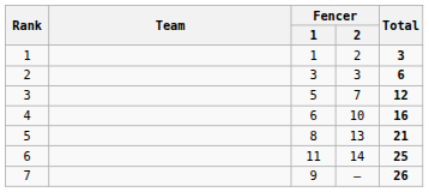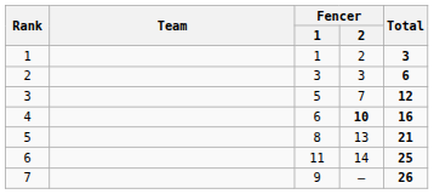 <table class=wikitable style="text-align:center">
 <tr>
 <th rowspan=2 width=40>Rank</th>
 <th rowspan=2 width=250>Team</th>
 <th colspan=2>Fencer</th>
 <th rowspan=2 width=40>Total</th>
 </tr>
 <tr>
 <th width=40>1</th>
 <th width=40>2</th>
 </tr>
 <tr>
 <td>1</td>
 <td align=left></td>
 <td>1</td>
 <td>2</td>
 <td><strong>3</strong></td>
 </tr>
 <tr>
 <td>2</td>
 <td align=left></td>
 <td>3</td>
 <td>3</td>
 <td><strong>6</strong></td>
 </tr>
 <tr>
 <td>3</td>
 <td align=left></td>
 <td>5</td>
 <td>7</td>
 <td><strong>12</strong></td>
 </tr>
 <tr>
 <td>4</td>
 <td align=left></td>
 <td>6</td>
-<td>10</td>
+<td><strong>10</strong></td>
 <td><strong>16</strong></td>
 </tr>
 <tr>
 <td>5</td>
 <td align=left></td>
 <td>8</td>
 <td>13</td>
 <td><strong>21</strong></td>
 </tr>
 <tr>
 <td>6</td>
 <td align=left></td>
 <td>11</td>
 <td>14</td>
 <td><strong>25</strong></td>
 </tr>
 <tr>
 <td>7</td>
 <td align=left></td>
 <td>9</td>
 <td>—</td>
 <td><strong>26</strong></td>
 </tr>
 </table>
